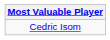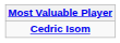 <table class=wikitable style="text-align:center; margin:auto">
 <tr>
 <th><a href='#'>Most Valuable Player</a></th>
 </tr>
 <tr>
-<td> <a href='#'>Cedric Isom</a></td>
+<td><strong> <a href='#'>Cedric Isom</a></strong></td>
 </tr>
 </table>
